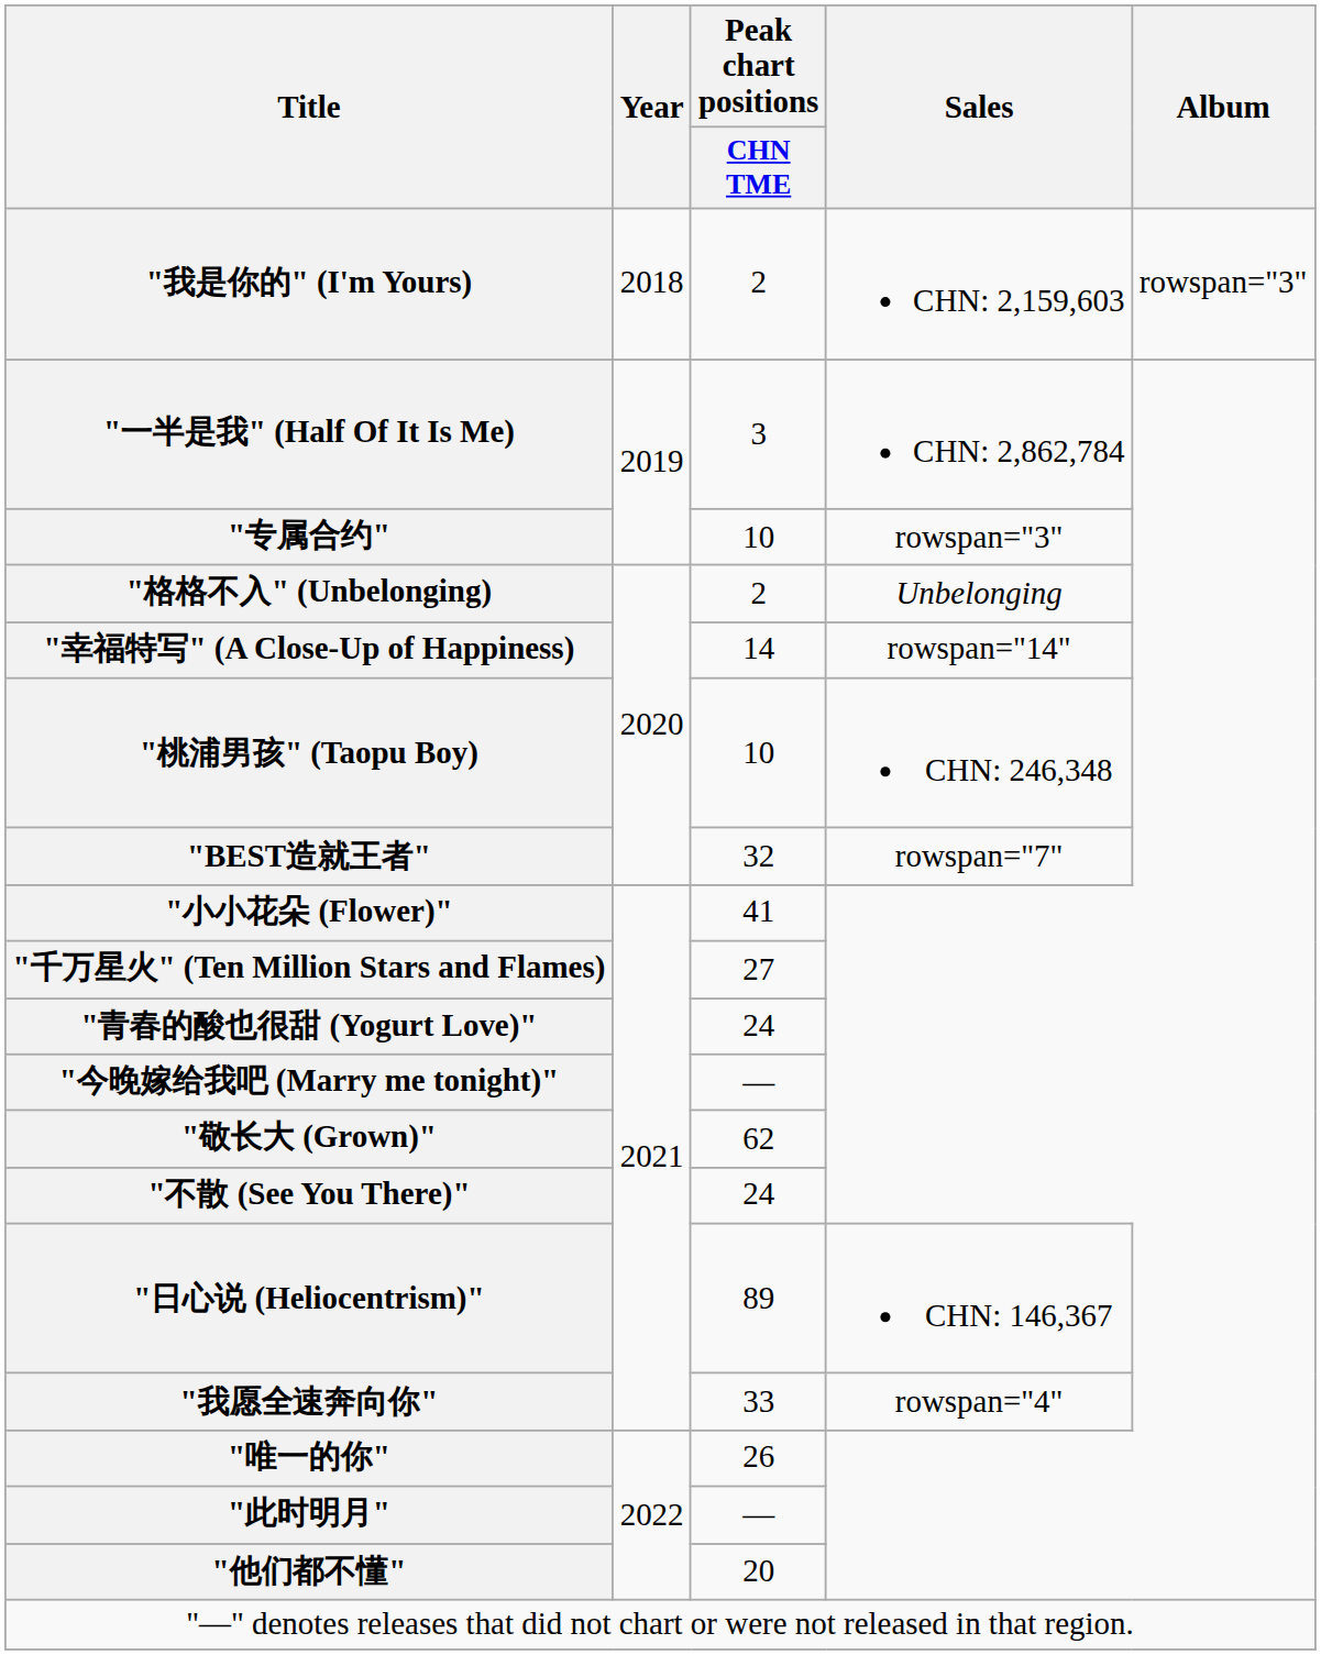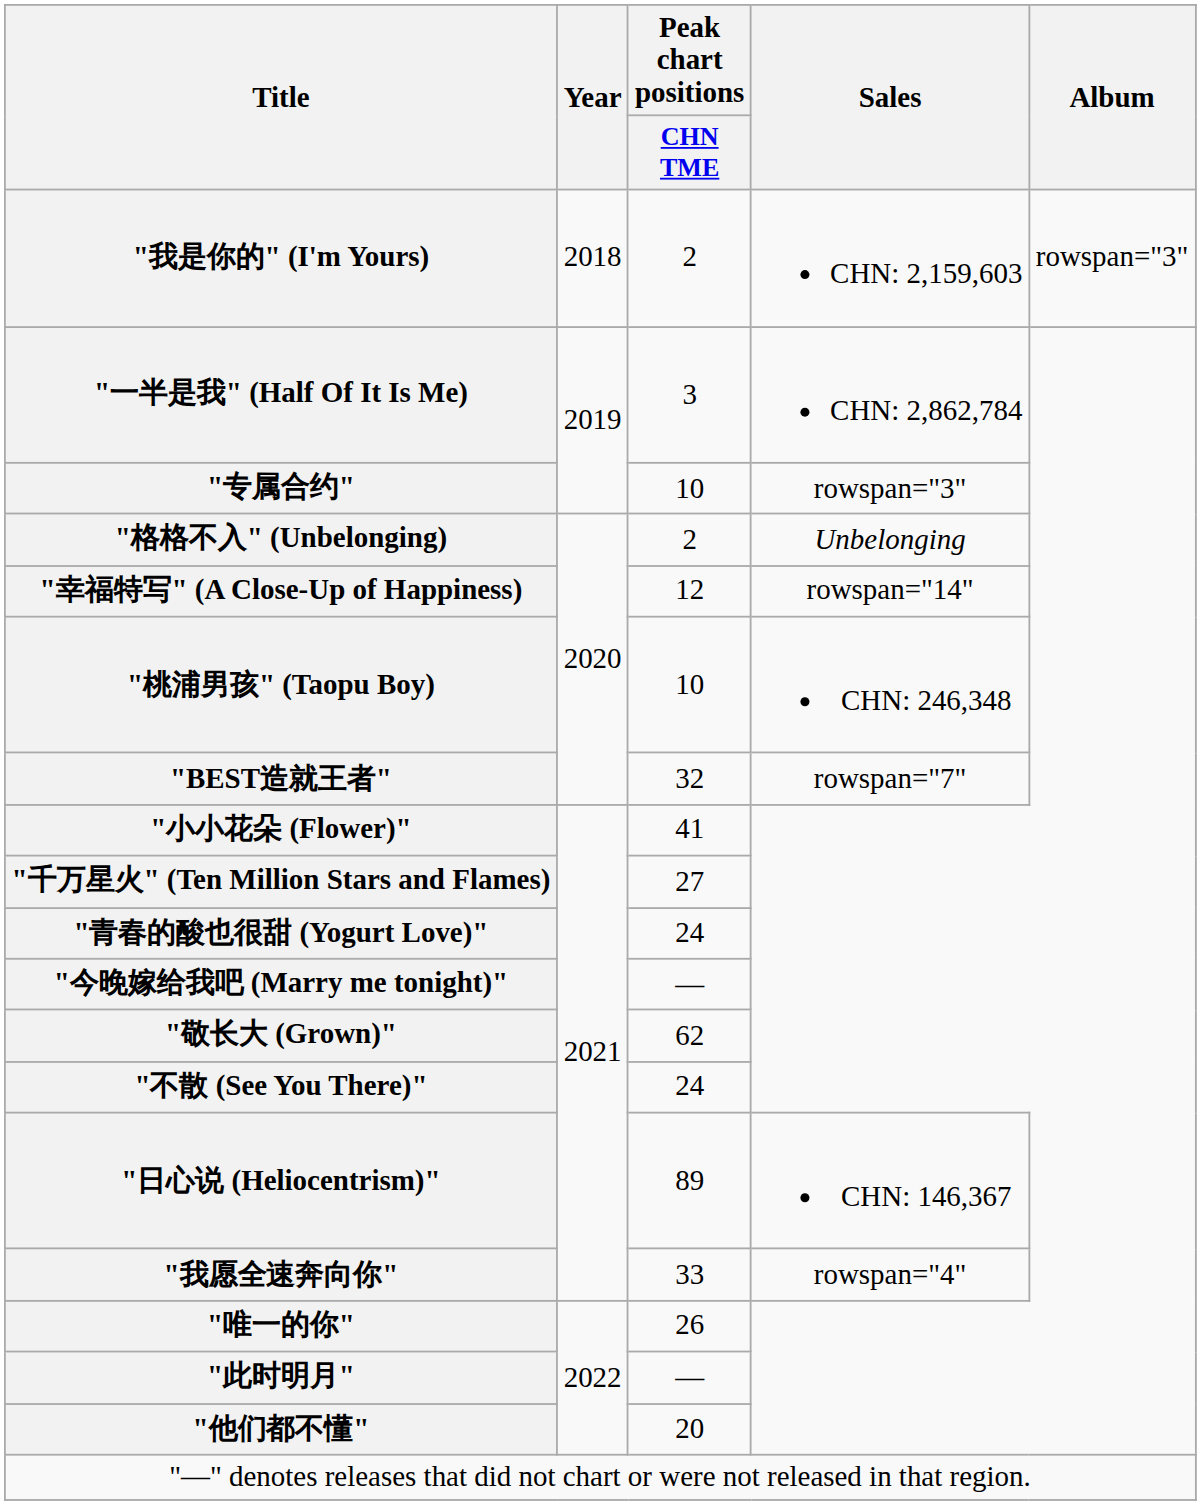 <table class="wikitable plainrowheaders" style="text-align:center;">
 <tr>
 <th rowspan="2">Title</th>
 <th rowspan="2">Year</th>
 <th>Peak chart positions</th>
 <th rowspan="2">Sales<br></th>
 <th rowspan="2">Album</th>
 </tr>
 <tr>
 <th scope="col" style="width:3em;font-size:90%;"><a href='#'>CHN TME</a><br></th>
 </tr>
 <tr>
 <th scope="row">"我是你的" (I'm Yours)</th>
 <td>2018</td>
 <td>2</td>
 <td><br><ul><li>CHN: 2,159,603</li></ul></td>
 <td>rowspan="3" </td>
 </tr>
 <tr>
 <th scope="row">"一半是我" (Half Of It Is Me)</th>
 <td rowspan="2">2019</td>
 <td>3</td>
 <td><br><ul><li>CHN: 2,862,784</li></ul></td>
 </tr>
 <tr>
 <th scope="row">"专属合约"</th>
 <td>10</td>
 <td>rowspan="3" </td>
 </tr>
 <tr>
 <th scope="row">"格格不入" (Unbelonging)</th>
 <td rowspan="4">2020</td>
 <td>2</td>
 <td><em>Unbelonging</em></td>
 </tr>
 <tr>
 <th scope="row">"幸福特写" (A Close-Up of Happiness)</th>
-<td>14</td>
+<td>12</td>
 <td>rowspan="14" </td>
 </tr>
 <tr>
 <th scope="row">"桃浦男孩" (Taopu Boy)</th>
 <td>10</td>
 <td><br><ul><li>CHN: 246,348</li></ul></td>
 </tr>
 <tr>
 <th scope="row">"BEST造就王者"</th>
 <td>32</td>
 <td>rowspan="7" </td>
 </tr>
 <tr>
 <th scope="row">"小小花朵 (Flower)"</th>
 <td rowspan="8">2021</td>
 <td>41</td>
 </tr>
 <tr>
 <th scope="row">"千万星火" (Ten Million Stars and Flames)</th>
 <td>27</td>
 </tr>
 <tr>
 <th scope="row">"青春的酸也很甜 (Yogurt Love)"</th>
 <td>24</td>
 </tr>
 <tr>
 <th scope="row">"今晚嫁给我吧 (Marry me tonight)"</th>
 <td>—</td>
 </tr>
 <tr>
 <th scope="row">"敬长大 (Grown)"</th>
 <td>62</td>
 </tr>
 <tr>
 <th scope="row">"不散 (See You There)"</th>
 <td>24</td>
 </tr>
 <tr>
 <th scope="row">"日心说 (Heliocentrism)"</th>
 <td>89</td>
 <td><br><ul><li>CHN: 146,367</li></ul></td>
 </tr>
 <tr>
 <th scope="row">"我愿全速奔向你"</th>
 <td>33</td>
 <td>rowspan="4" </td>
 </tr>
 <tr>
 <th scope="row">"唯一的你"</th>
 <td rowspan="3">2022</td>
 <td>26</td>
 </tr>
 <tr>
 <th scope="row">"此时明月"</th>
 <td>—</td>
 </tr>
 <tr>
 <th scope="row">"他们都不懂"</th>
 <td>20</td>
 </tr>
 <tr>
 <td colspan="5">"—" denotes releases that did not chart or were not released in that region.</td>
 </tr>
 </table>
